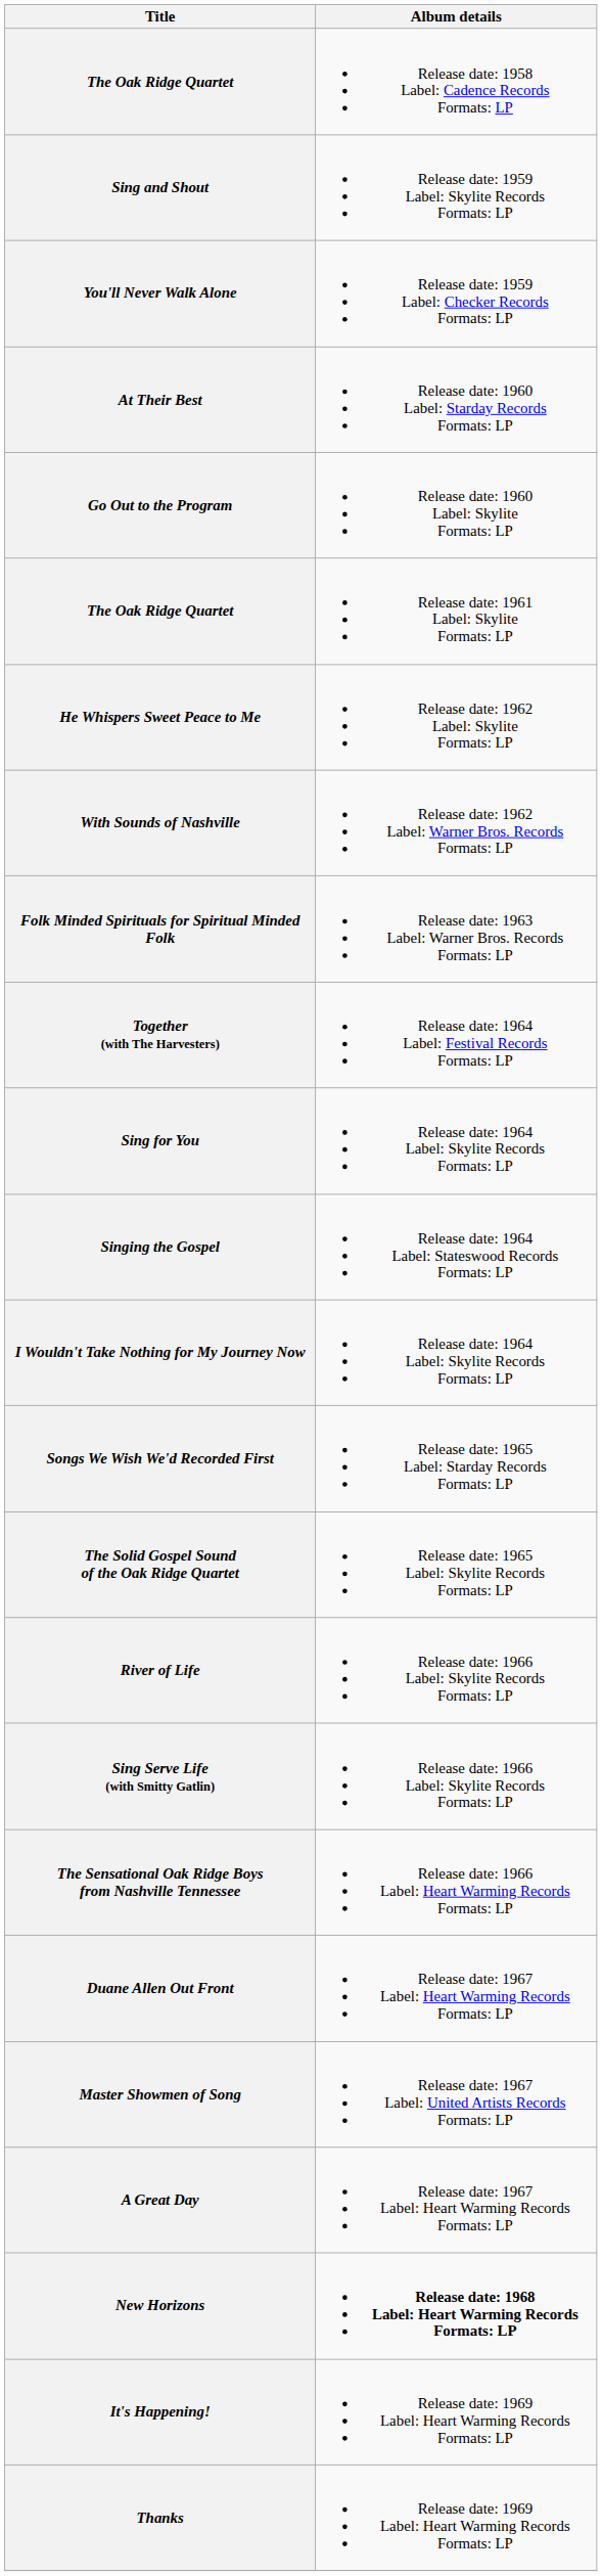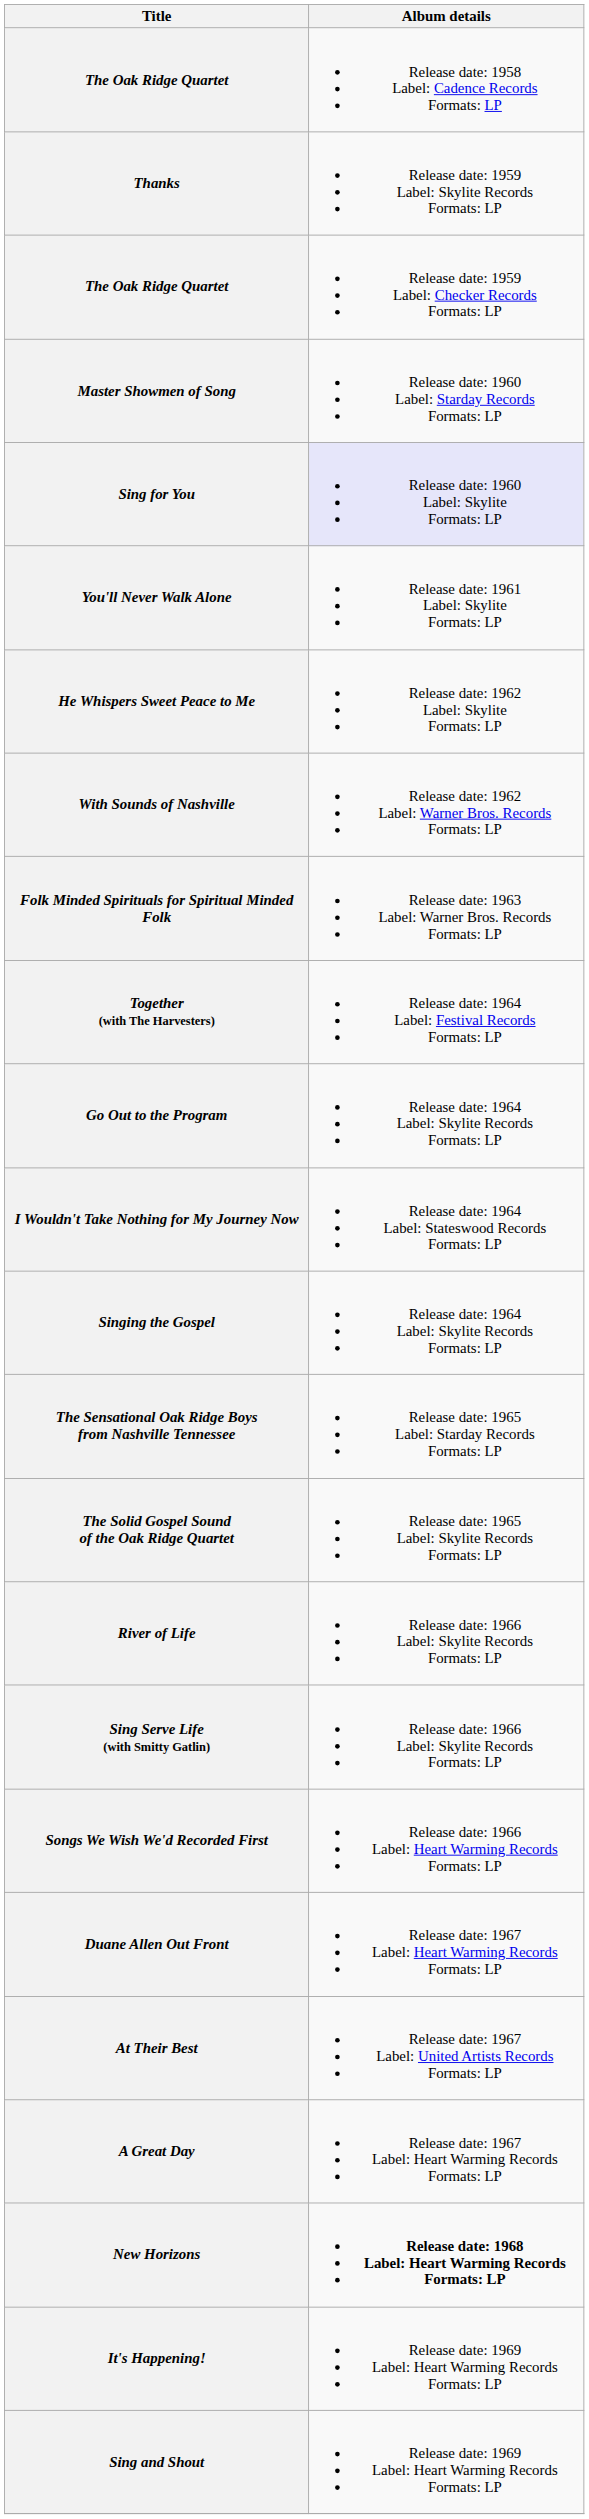 <table class="wikitable plainrowheaders" style="text-align:center;">
 <tr>
 <th style="width:20em;">Title</th>
 <th style="width:18em;">Album details</th>
 </tr>
 <tr>
 <th scope="row"><em>The Oak Ridge Quartet</em></th>
 <td><br><ul><li>Release date: 1958</li><li>Label: <a href='#'>Cadence Records</a></li><li>Formats: <a href='#'>LP</a></li></ul></td>
 </tr>
 <tr>
-<th scope="row"><em>Sing and Shout</em></th>
+<th scope="row"><em>Thanks</em></th>
 <td><br><ul><li>Release date: 1959</li><li>Label: Skylite Records</li><li>Formats: LP</li></ul></td>
 </tr>
 <tr>
-<th scope="row"><em>You'll Never Walk Alone</em></th>
+<th scope="row"><em>The Oak Ridge Quartet</em></th>
 <td><br><ul><li>Release date: 1959</li><li>Label: <a href='#'>Checker Records</a></li><li>Formats: LP</li></ul></td>
 </tr>
 <tr>
-<th scope="row"><em>At Their Best</em></th>
+<th scope="row"><em>Master Showmen of Song</em></th>
 <td><br><ul><li>Release date: 1960</li><li>Label: <a href='#'>Starday Records</a></li><li>Formats: LP</li></ul></td>
 </tr>
 <tr>
-<th scope="row"><em>Go Out to the Program</em></th>
-<td><br><ul><li>Release date: 1960</li><li>Label: Skylite</li><li>Formats: LP</li></ul></td>
+<th scope="row"><em>Sing for You</em></th>
+<td style="background: lavender;"><br><ul><li>Release date: 1960</li><li>Label: Skylite</li><li>Formats: LP</li></ul></td>
 </tr>
 <tr>
-<th scope="row"><em>The Oak Ridge Quartet</em></th>
+<th scope="row"><em>You'll Never Walk Alone</em></th>
 <td><br><ul><li>Release date: 1961</li><li>Label: Skylite</li><li>Formats: LP</li></ul></td>
 </tr>
 <tr>
 <th scope="row"><em>He Whispers Sweet Peace to Me</em></th>
 <td><br><ul><li>Release date: 1962</li><li>Label: Skylite</li><li>Formats: LP</li></ul></td>
 </tr>
 <tr>
 <th scope="row"><em>With Sounds of Nashville</em></th>
 <td><br><ul><li>Release date: 1962</li><li>Label: <a href='#'>Warner Bros. Records</a></li><li>Formats: LP</li></ul></td>
 </tr>
 <tr>
 <th scope="row"><em>Folk Minded Spirituals for Spiritual Minded Folk</em></th>
 <td><br><ul><li>Release date: 1963</li><li>Label: Warner Bros. Records</li><li>Formats: LP</li></ul></td>
 </tr>
 <tr>
 <th scope="row"><em>Together</em><br><small>(with The Harvesters)</small></th>
 <td><br><ul><li>Release date: 1964</li><li>Label: <a href='#'>Festival Records</a></li><li>Formats: LP</li></ul></td>
 </tr>
 <tr>
-<th scope="row"><em>Sing for You</em></th>
+<th scope="row"><em>Go Out to the Program</em></th>
 <td><br><ul><li>Release date: 1964</li><li>Label: Skylite Records</li><li>Formats: LP</li></ul></td>
 </tr>
 <tr>
-<th scope="row"><em>Singing the Gospel</em></th>
+<th scope="row"><em>I Wouldn't Take Nothing for My Journey Now</em></th>
 <td><br><ul><li>Release date: 1964</li><li>Label: Stateswood Records</li><li>Formats: LP</li></ul></td>
 </tr>
 <tr>
-<th scope="row"><em>I Wouldn't Take Nothing for My Journey Now</em></th>
+<th scope="row"><em>Singing the Gospel</em></th>
 <td><br><ul><li>Release date: 1964</li><li>Label: Skylite Records</li><li>Formats: LP</li></ul></td>
 </tr>
 <tr>
-<th scope="row"><em>Songs We Wish We'd Recorded First</em></th>
+<th scope="row"><em>The Sensational Oak Ridge Boys<br>from Nashville Tennessee</em></th>
 <td><br><ul><li>Release date: 1965</li><li>Label: Starday Records</li><li>Formats: LP</li></ul></td>
 </tr>
 <tr>
 <th scope="row"><em>The Solid Gospel Sound<br>of the Oak Ridge Quartet</em></th>
 <td><br><ul><li>Release date: 1965</li><li>Label: Skylite Records</li><li>Formats: LP</li></ul></td>
 </tr>
 <tr>
 <th scope="row"><em>River of Life</em></th>
 <td><br><ul><li>Release date: 1966</li><li>Label: Skylite Records</li><li>Formats: LP</li></ul></td>
 </tr>
 <tr>
 <th scope="row"><em>Sing Serve Life</em><br><small>(with Smitty Gatlin)</small></th>
 <td><br><ul><li>Release date: 1966</li><li>Label: Skylite Records</li><li>Formats: LP</li></ul></td>
 </tr>
 <tr>
-<th scope="row"><em>The Sensational Oak Ridge Boys<br>from Nashville Tennessee</em></th>
+<th scope="row"><em>Songs We Wish We'd Recorded First</em></th>
 <td><br><ul><li>Release date: 1966</li><li>Label: <a href='#'>Heart Warming Records</a></li><li>Formats: LP</li></ul></td>
 </tr>
 <tr>
 <th scope="row"><em>Duane Allen Out Front</em></th>
 <td><br><ul><li>Release date: 1967</li><li>Label: <a href='#'>Heart Warming Records</a></li><li>Formats: LP</li></ul></td>
 </tr>
 <tr>
-<th scope="row"><em>Master Showmen of Song</em></th>
+<th scope="row"><em>At Their Best</em></th>
 <td><br><ul><li>Release date: 1967</li><li>Label: <a href='#'>United Artists Records</a></li><li>Formats: LP</li></ul></td>
 </tr>
 <tr>
 <th scope="row"><em>A Great Day</em></th>
 <td><br><ul><li>Release date: 1967</li><li>Label: Heart Warming Records</li><li>Formats: LP</li></ul></td>
 </tr>
 <tr>
 <th scope="row"><em>New Horizons</em></th>
 <td><strong><br><ul><li>Release date: 1968</li><li>Label: Heart Warming Records</li><li>Formats: LP</li></ul></strong></td>
 </tr>
 <tr>
 <th scope="row"><em>It's Happening!</em></th>
 <td><br><ul><li>Release date: 1969</li><li>Label: Heart Warming Records</li><li>Formats: LP</li></ul></td>
 </tr>
 <tr>
-<th scope="row"><em>Thanks</em></th>
+<th scope="row"><em>Sing and Shout</em></th>
 <td><br><ul><li>Release date: 1969</li><li>Label: Heart Warming Records</li><li>Formats: LP</li></ul></td>
 </tr>
 <tr>
 </tr>
 </table>
